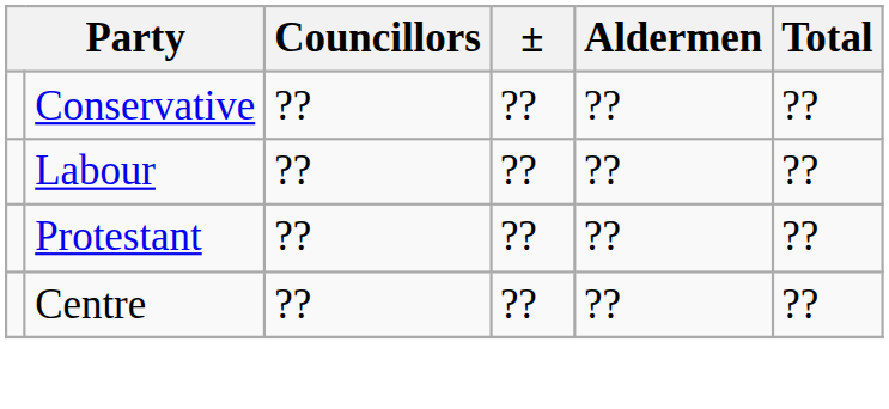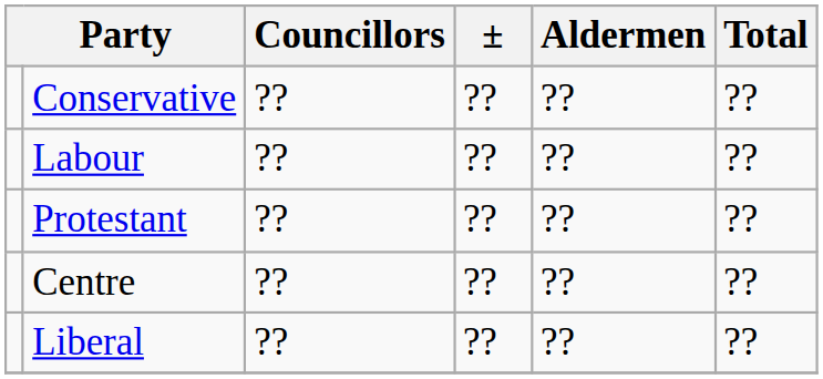 <table class="wikitable">
 <tr>
 <th colspan="2">Party</th>
 <th>Councillors</th>
 <th>  ±  </th>
 <th>Aldermen</th>
 <th>Total</th>
 </tr>
 <tr>
 <td style="background-color: "></td>
 <td><a href='#'>Conservative</a></td>
 <td>??</td>
 <td>??</td>
 <td>??</td>
 <td>??</td>
 </tr>
 <tr>
 <td style="background-color: "></td>
 <td><a href='#'>Labour</a></td>
 <td>??</td>
 <td>??</td>
 <td>??</td>
 <td>??</td>
 </tr>
 <tr>
 <td style="background-color: "></td>
 <td><a href='#'>Protestant</a></td>
 <td>??</td>
 <td>??</td>
 <td>??</td>
 <td>??</td>
 </tr>
 <tr>
 <td style="background-color: "></td>
 <td>Centre</td>
 <td>??</td>
 <td>??</td>
 <td>??</td>
 <td>??</td>
 </tr>
 <tr>
+<td style="background-color: "></td>
+<td><a href='#'>Liberal</a></td>
+<td>??</td>
+<td>??</td>
+<td>??</td>
+<td>??</td>
+</tr>
+<tr>
 </tr>
 </table>
